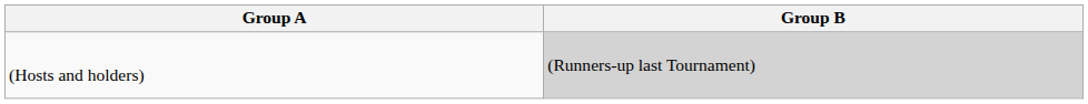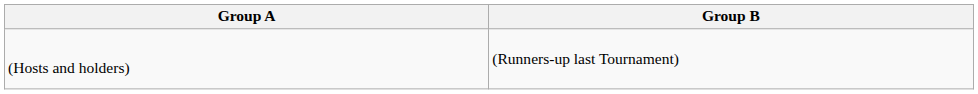 <table class="wikitable">
 <tr>
 <th width=20%>Group A</th>
 <th width=20%>Group B</th>
 </tr>
 <tr>
 <td><br> (Hosts and holders)<br> </td>
-<td style="background: lightgrey;"><br> (Runners-up last Tournament) <br>  <br> </td>
+<td><br> (Runners-up last Tournament) <br>  <br> </td>
 </tr>
 </table>
